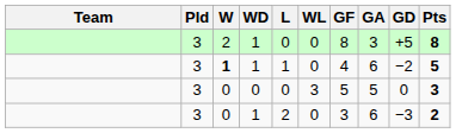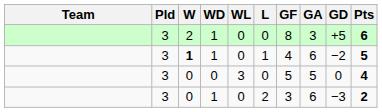 <table class="wikitable" style="text-align:center">
 <tr>
 <th width=175>Team</th>
 <th width=20>Pld</th>
 <th width=20>W</th>
 <th width=20>WD</th>
+<th width=20>WL</th>
 <th width=20>L</th>
-<th width=20>WL</th>
 <th width=20>GF</th>
 <th width=20>GA</th>
 <th width=20>GD</th>
 <th width=20>Pts</th>
 </tr>
 <tr bgcolor=ccffcc>
 <td align=left></td>
 <td>3</td>
 <td>2</td>
 <td>1</td>
 <td>0</td>
 <td>0</td>
 <td>8</td>
 <td>3</td>
 <td>+5</td>
-<td><strong>8</strong></td>
+<td><strong>6</strong></td>
 </tr>
 <tr>
 <td align=left></td>
 <td>3</td>
 <td><strong>1</strong></td>
 <td>1</td>
+<td>0</td>
 <td>1</td>
-<td>0</td>
 <td>4</td>
 <td>6</td>
 <td>−2</td>
 <td><strong>5</strong></td>
 </tr>
 <tr>
 <td align=left></td>
 <td>3</td>
 <td>0</td>
 <td>0</td>
+<td>3</td>
 <td>0</td>
-<td>3</td>
 <td>5</td>
 <td>5</td>
 <td>0</td>
-<td><strong>3</strong></td>
+<td><strong>4</strong></td>
 </tr>
 <tr>
 <td align=left></td>
 <td>3</td>
 <td>0</td>
 <td>1</td>
+<td>0</td>
 <td>2</td>
-<td>0</td>
 <td>3</td>
 <td>6</td>
 <td>−3</td>
 <td><strong>2</strong></td>
 </tr>
 </table>
